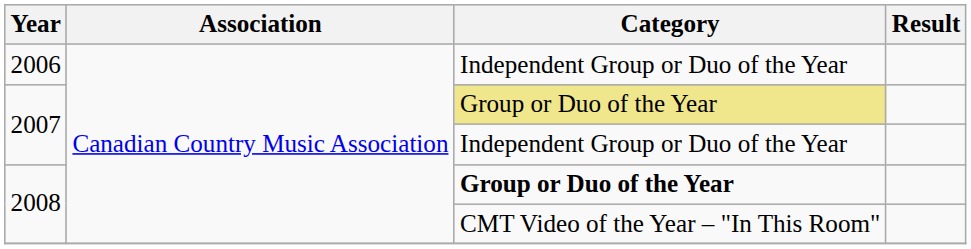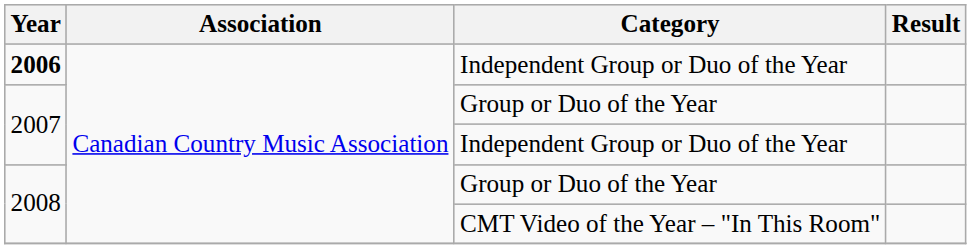 <table class="wikitable">
 <tr>
 <th>Year</th>
 <th>Association</th>
 <th>Category</th>
 <th>Result</th>
 </tr>
 <tr>
-<td>2006</td>
+<td><strong>2006</strong></td>
 <td rowspan="5"><a href='#'>Canadian Country Music Association</a></td>
 <td>Independent Group or Duo of the Year</td>
 <td></td>
 </tr>
 <tr>
 <td rowspan="2">2007</td>
-<td style="background: khaki;">Group or Duo of the Year</td>
+<td>Group or Duo of the Year</td>
 <td></td>
 </tr>
 <tr>
 <td>Independent Group or Duo of the Year</td>
 <td></td>
 </tr>
 <tr>
 <td rowspan="2">2008</td>
-<td><strong>Group or Duo of the Year</strong></td>
+<td>Group or Duo of the Year</td>
 <td></td>
 </tr>
 <tr>
 <td>CMT Video of the Year – "In This Room"</td>
 <td></td>
 </tr>
 <tr>
 </tr>
 </table>
